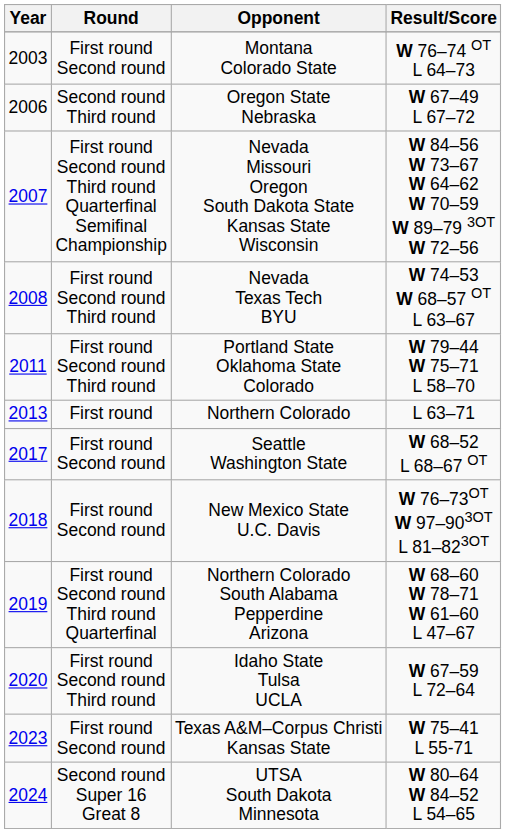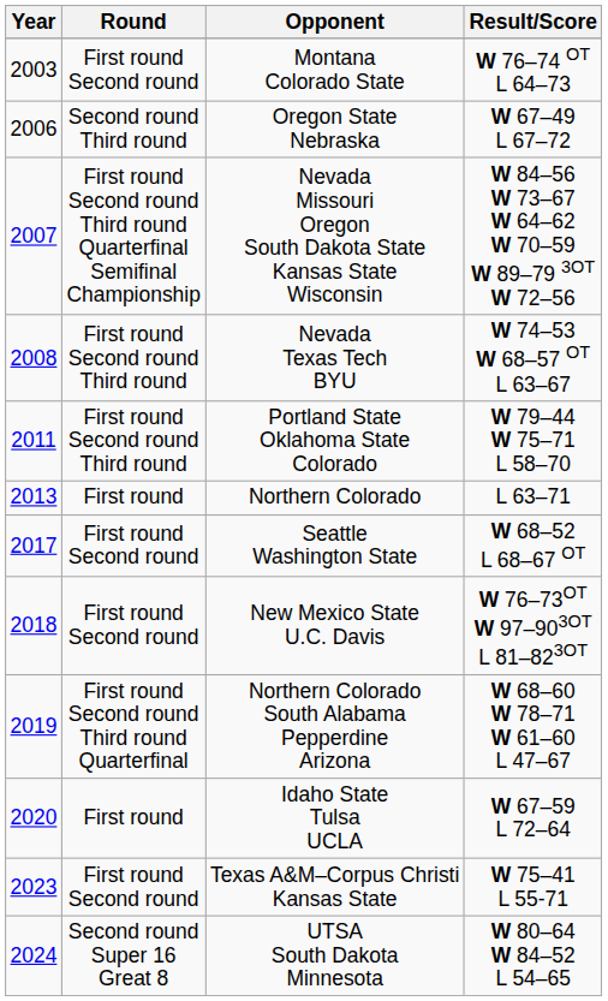 <table class="wikitable" style="text-align:center;">
 <tr>
 <th>Year</th>
 <th>Round</th>
 <th>Opponent</th>
 <th>Result/Score</th>
 </tr>
 <tr>
 </tr>
 <tr style="text-align:center;">
 <td>2003</td>
 <td>First round<br>Second round</td>
 <td>Montana<br>Colorado State</td>
 <td><strong>W</strong> 76–74 <sup>OT</sup><br>L 64–73</td>
 </tr>
 <tr style="text-align:center;">
 <td>2006</td>
 <td>Second round<br>Third round</td>
 <td>Oregon State<br>Nebraska</td>
 <td><strong>W</strong> 67–49<br>L 67–72</td>
 </tr>
 <tr style="text-align:center;">
 <td><a href='#'>2007</a></td>
 <td>First round<br>Second round<br>Third round<br>Quarterfinal<br>Semifinal<br>Championship</td>
 <td>Nevada<br>Missouri<br>Oregon<br>South Dakota State<br>Kansas State<br>Wisconsin</td>
 <td><strong>W</strong> 84–56<br><strong>W</strong> 73–67<br><strong>W</strong> 64–62<br><strong>W</strong> 70–59<br><strong>W</strong> 89–79 <sup>3OT</sup><br><strong>W</strong> 72–56</td>
 </tr>
 <tr style="text-align:center;">
 <td><a href='#'>2008</a></td>
 <td>First round<br>Second round<br>Third round</td>
 <td>Nevada<br>Texas Tech<br>BYU</td>
 <td><strong>W</strong> 74–53<br><strong>W</strong> 68–57 <sup>OT</sup><br>L 63–67</td>
 </tr>
 <tr style="text-align:center;">
 <td><a href='#'>2011</a></td>
 <td>First round<br>Second round<br>Third round</td>
 <td>Portland State<br>Oklahoma State<br>Colorado</td>
 <td><strong>W</strong> 79–44<br><strong>W</strong> 75–71<br>L 58–70</td>
 </tr>
 <tr style="text-align:center;">
 <td><a href='#'>2013</a></td>
 <td>First round</td>
 <td>Northern Colorado</td>
 <td>L 63–71</td>
 </tr>
 <tr style="text-align:center;">
 <td><a href='#'>2017</a></td>
 <td>First round<br>Second round</td>
 <td>Seattle<br>Washington State</td>
 <td><strong>W</strong> 68–52<br>L 68–67 <sup>OT</sup></td>
 </tr>
 <tr style="text-align:center;">
 <td><a href='#'>2018</a></td>
 <td>First round<br>Second round</td>
 <td>New Mexico State<br>U.C. Davis</td>
 <td><strong>W</strong> 76–73<sup>OT</sup><br><strong>W</strong> 97–90<sup>3OT</sup><br>L 81–82<sup>3OT</sup></td>
 </tr>
 <tr style="text-align:center;">
 <td><a href='#'>2019</a></td>
 <td>First round<br>Second round<br>Third round<br>Quarterfinal</td>
 <td>Northern Colorado<br>South Alabama<br>Pepperdine<br>Arizona</td>
 <td><strong>W</strong> 68–60<br><strong>W</strong> 78–71<br><strong>W</strong> 61–60<br>L 47–67</td>
 </tr>
 <tr style="text-align:center;">
 <td><a href='#'>2020</a></td>
-<td>First round<br>Second round<br>Third round</td>
+<td>First round</td>
 <td>Idaho State<br>Tulsa<br>UCLA</td>
 <td><strong>W</strong> 67–59<br>L 72–64</td>
 </tr>
 <tr style="text-align:center;">
 <td><a href='#'>2023</a></td>
 <td>First round<br>Second round</td>
 <td>Texas A&M–Corpus Christi<br>Kansas State</td>
 <td><strong>W</strong> 75–41<br>L 55-71</td>
 </tr>
 <tr style="text-align:center;">
 <td><a href='#'>2024</a></td>
 <td>Second round<br>Super 16<br>Great 8</td>
 <td>UTSA<br>South Dakota<br>Minnesota</td>
 <td><strong>W</strong> 80–64<br><strong>W</strong> 84–52<br>L 54–65</td>
 </tr>
 </table>
